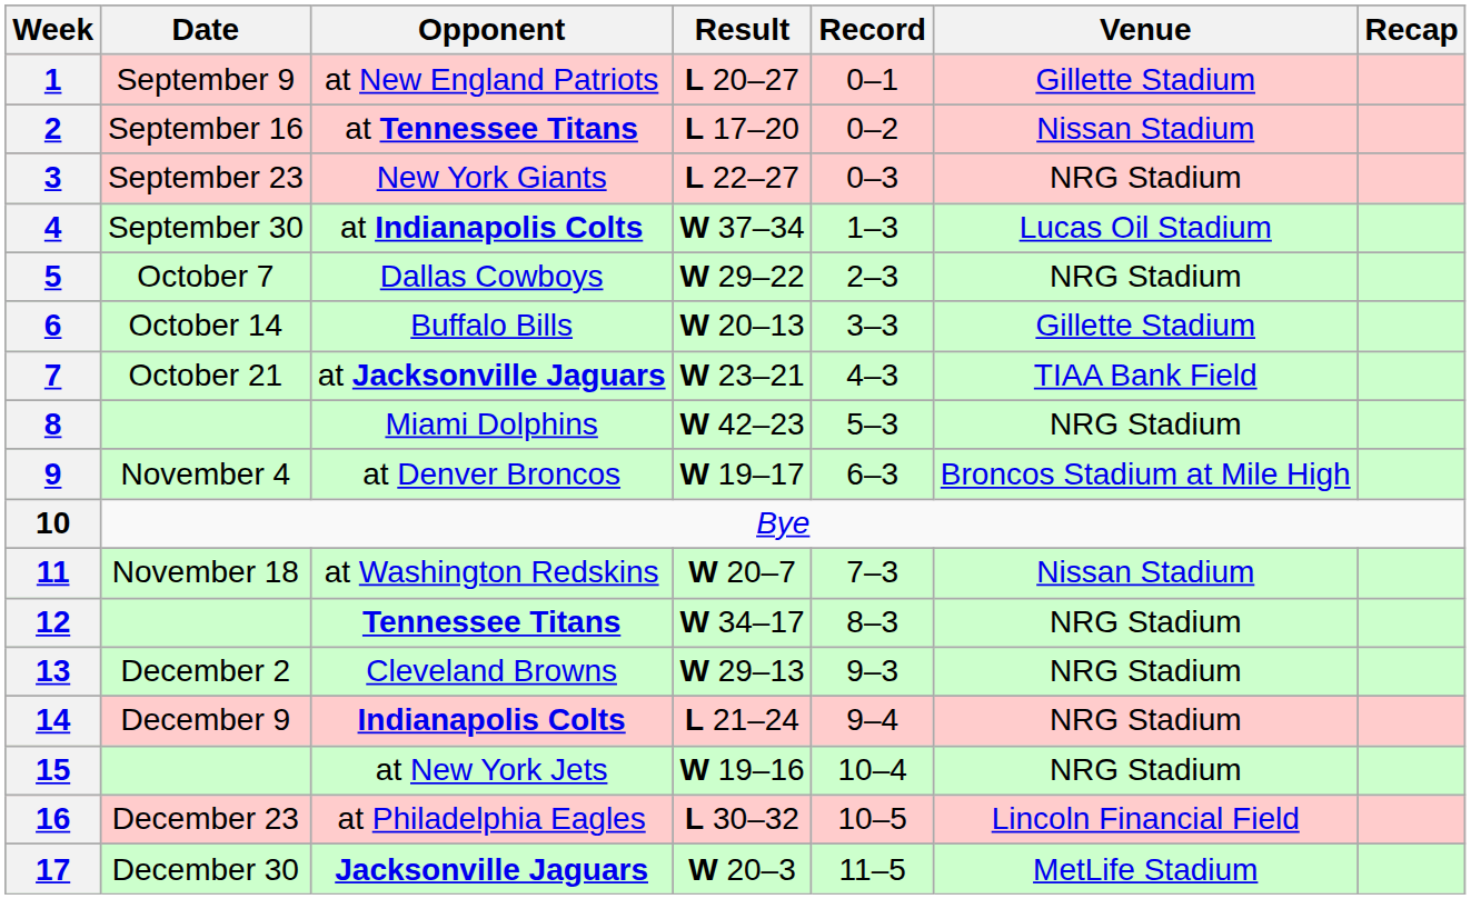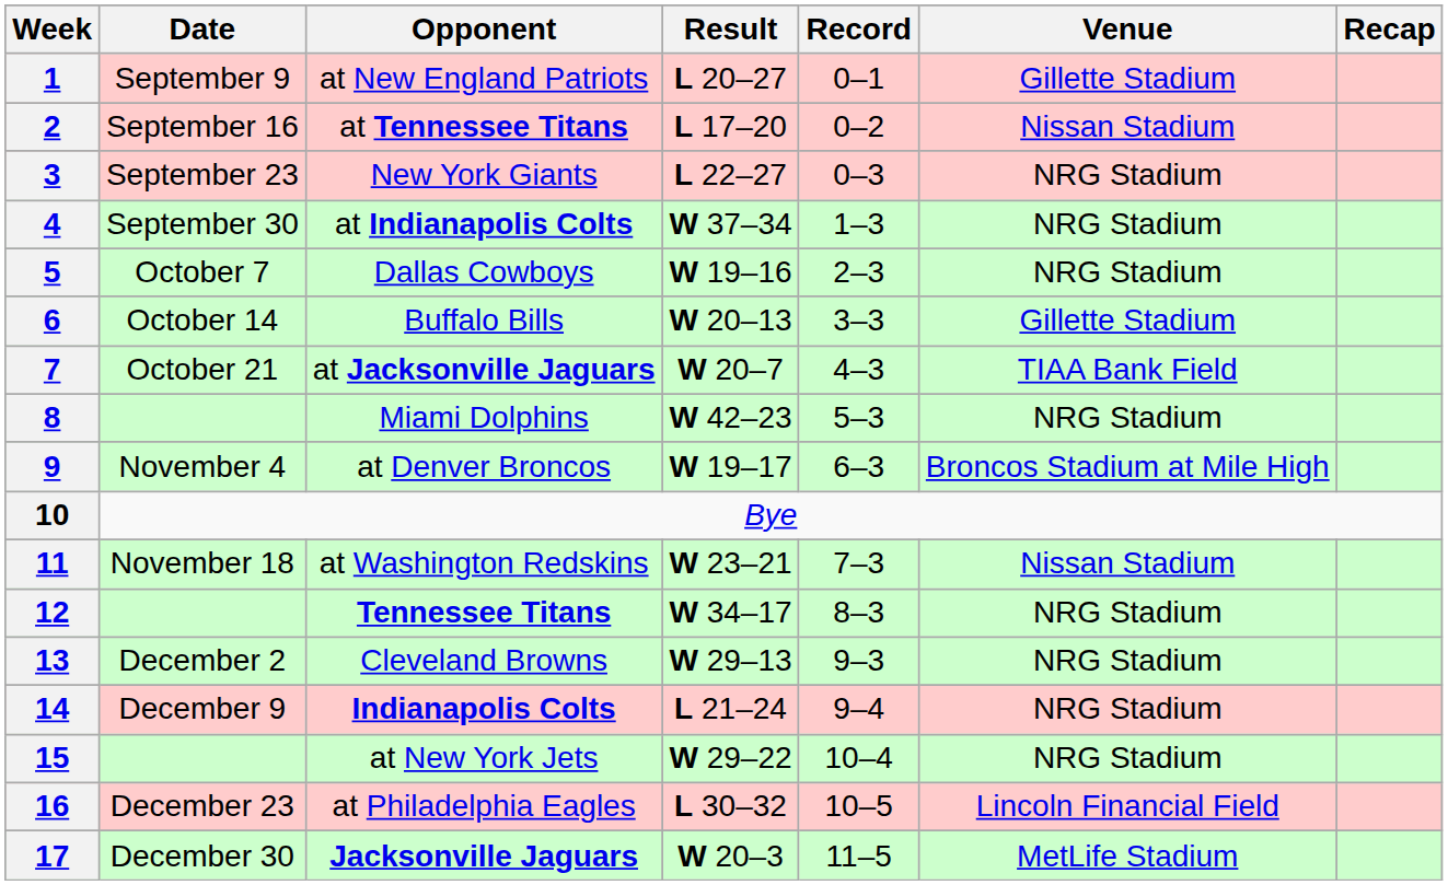 <table class="wikitable" style="text-align:center">
 <tr>
 <th>Week</th>
 <th>Date</th>
 <th>Opponent</th>
 <th>Result</th>
 <th>Record</th>
 <th>Venue</th>
 <th>Recap</th>
 </tr>
 <tr style="background:#fcc">
 <th><a href='#'>1</a></th>
 <td>September 9</td>
 <td>at <a href='#'>New England Patriots</a></td>
 <td><strong>L</strong> 20–27</td>
 <td>0–1</td>
 <td><a href='#'>Gillette Stadium</a></td>
 <td></td>
 </tr>
 <tr style="background:#fcc">
 <th><a href='#'>2</a></th>
 <td>September 16</td>
 <td>at <strong><a href='#'>Tennessee Titans</a></strong></td>
 <td><strong>L</strong> 17–20</td>
 <td>0–2</td>
 <td><a href='#'>Nissan Stadium</a></td>
 <td></td>
 </tr>
 <tr style="background:#fcc">
 <th><a href='#'>3</a></th>
 <td>September 23</td>
 <td><a href='#'>New York Giants</a></td>
 <td><strong>L</strong> 22–27</td>
 <td>0–3</td>
 <td>NRG Stadium</td>
 <td></td>
 </tr>
 <tr style="background:#cfc">
 <th><a href='#'>4</a></th>
 <td>September 30</td>
 <td>at <strong><a href='#'>Indianapolis Colts</a></strong></td>
 <td><strong>W</strong> 37–34 </td>
 <td>1–3</td>
-<td><a href='#'>Lucas Oil Stadium</a></td>
+<td>NRG Stadium</td>
 <td></td>
 </tr>
 <tr style="background:#cfc">
 <th><a href='#'>5</a></th>
 <td>October 7</td>
 <td><a href='#'>Dallas Cowboys</a></td>
-<td><strong>W</strong> 29–22</td>
+<td><strong>W</strong> 19–16 </td>
 <td>2–3</td>
 <td>NRG Stadium</td>
 <td></td>
 </tr>
 <tr style="background:#cfc">
 <th><a href='#'>6</a></th>
 <td>October 14</td>
 <td><a href='#'>Buffalo Bills</a></td>
 <td><strong>W</strong> 20–13</td>
 <td>3–3</td>
 <td><a href='#'>Gillette Stadium</a></td>
 <td></td>
 </tr>
 <tr style="background:#cfc">
 <th><a href='#'>7</a></th>
 <td>October 21</td>
 <td>at <strong><a href='#'>Jacksonville Jaguars</a></strong></td>
-<td><strong>W</strong> 23–21</td>
+<td><strong>W</strong> 20–7</td>
 <td>4–3</td>
 <td><a href='#'>TIAA Bank Field</a></td>
 <td></td>
 </tr>
 <tr style="background:#cfc">
 <th><a href='#'>8</a></th>
 <td></td>
 <td><a href='#'>Miami Dolphins</a></td>
 <td><strong>W</strong> 42–23</td>
 <td>5–3</td>
 <td>NRG Stadium</td>
 <td></td>
 </tr>
 <tr style="background:#cfc">
 <th><a href='#'>9</a></th>
 <td>November 4</td>
 <td>at <a href='#'>Denver Broncos</a></td>
 <td><strong>W</strong> 19–17</td>
 <td>6–3</td>
 <td><a href='#'>Broncos Stadium at Mile High</a></td>
 <td></td>
 </tr>
 <tr>
 <th>10</th>
 <td colspan="6"><em><a href='#'>Bye</a></em></td>
 </tr>
 <tr style="background:#cfc">
 <th><a href='#'>11</a></th>
 <td>November 18</td>
 <td>at <a href='#'>Washington Redskins</a></td>
-<td><strong>W</strong> 20–7</td>
+<td><strong>W</strong> 23–21</td>
 <td>7–3</td>
 <td><a href='#'>Nissan Stadium</a></td>
 <td></td>
 </tr>
 <tr style="background:#cfc">
 <th><a href='#'>12</a></th>
 <td></td>
 <td><strong><a href='#'>Tennessee Titans</a></strong></td>
 <td><strong>W</strong> 34–17</td>
 <td>8–3</td>
 <td>NRG Stadium</td>
 <td></td>
 </tr>
 <tr style="background:#cfc">
 <th><a href='#'>13</a></th>
 <td>December 2</td>
 <td><a href='#'>Cleveland Browns</a></td>
 <td><strong>W</strong> 29–13</td>
 <td>9–3</td>
 <td>NRG Stadium</td>
 <td></td>
 </tr>
 <tr style="background:#fcc">
 <th><a href='#'>14</a></th>
 <td>December 9</td>
 <td><strong><a href='#'>Indianapolis Colts</a></strong></td>
 <td><strong>L</strong> 21–24</td>
 <td>9–4</td>
 <td>NRG Stadium</td>
 <td></td>
 </tr>
 <tr style="background:#cfc">
 <th><a href='#'>15</a></th>
 <td></td>
 <td>at <a href='#'>New York Jets</a></td>
-<td><strong>W</strong> 19–16 </td>
+<td><strong>W</strong> 29–22</td>
 <td>10–4</td>
 <td>NRG Stadium</td>
 <td></td>
 </tr>
 <tr style="background:#fcc">
 <th><a href='#'>16</a></th>
 <td>December 23</td>
 <td>at <a href='#'>Philadelphia Eagles</a></td>
 <td><strong>L</strong> 30–32</td>
 <td>10–5</td>
 <td><a href='#'>Lincoln Financial Field</a></td>
 <td></td>
 </tr>
 <tr style="background:#cfc">
 <th><a href='#'>17</a></th>
 <td>December 30</td>
 <td><strong><a href='#'>Jacksonville Jaguars</a></strong></td>
 <td><strong>W</strong> 20–3</td>
 <td>11–5</td>
 <td><a href='#'>MetLife Stadium</a></td>
 <td></td>
 </tr>
 </table>
